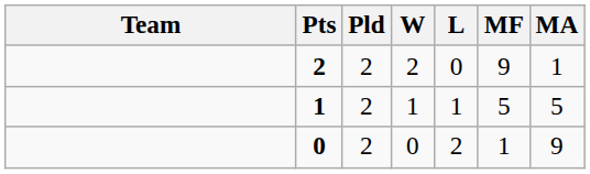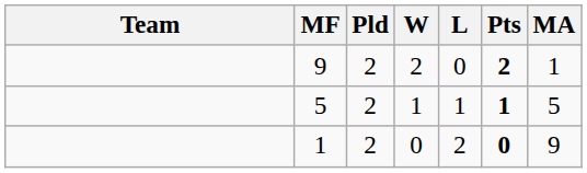 <table class=wikitable style="text-align:center">
 <tr>
 <th width=175>Team</th>
-<th width=20>Pts</th>
+<th width=20>MF</th>
 <th width=20>Pld</th>
 <th width=20>W</th>
 <th width=20>L</th>
-<th width=20>MF</th>
+<th width=20>Pts</th>
 <th width=20>MA</th>
 </tr>
 <tr>
 <td style="text-align:left"></td>
-<td><strong>2</strong></td>
+<td>9</td>
 <td>2</td>
 <td>2</td>
 <td>0</td>
-<td>9</td>
+<td><strong>2</strong></td>
 <td>1</td>
 </tr>
 <tr>
 <td style="text-align:left"></td>
-<td><strong>1</strong></td>
+<td>5</td>
 <td>2</td>
 <td>1</td>
 <td>1</td>
-<td>5</td>
+<td><strong>1</strong></td>
 <td>5</td>
 </tr>
 <tr>
 <td style="text-align:left"></td>
-<td><strong>0</strong></td>
+<td>1</td>
 <td>2</td>
 <td>0</td>
 <td>2</td>
-<td>1</td>
+<td><strong>0</strong></td>
 <td>9</td>
 </tr>
 </table>
